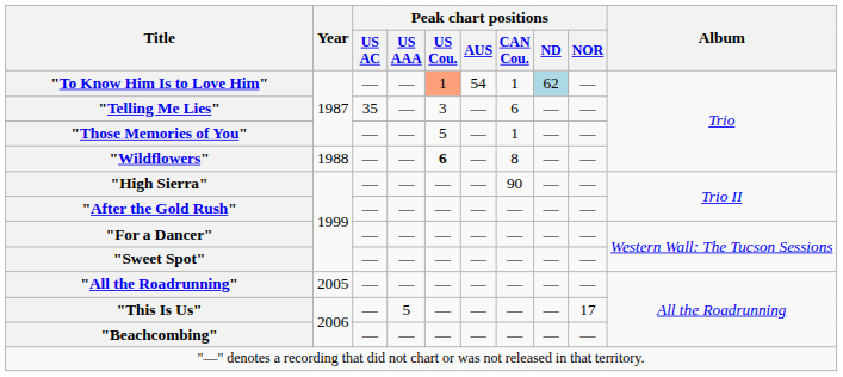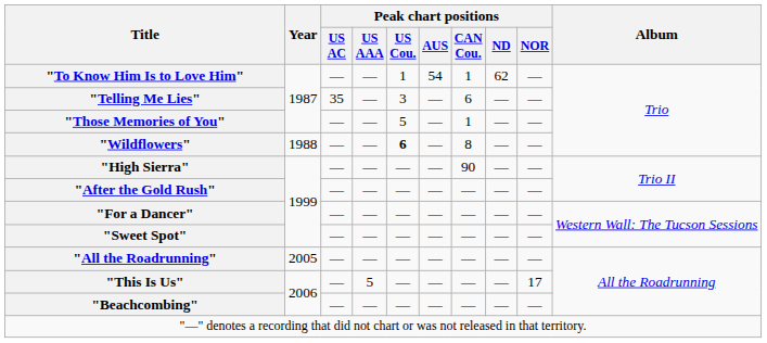 <table class="wikitable plainrowheaders" style="text-align:center;" border="1">
 <tr>
 <th scope="col" rowspan="2" style="width:19em;">Title</th>
 <th scope="col" rowspan="2">Year</th>
 <th scope="col" colspan="7">Peak chart positions</th>
 <th scope="col" rowspan="2">Album</th>
 </tr>
 <tr>
 <th scope="col" style="width:2em;font-size:90%;"><a href='#'>US<br>AC</a><br></th>
 <th scope="col" style="width:2em;font-size:90%;"><a href='#'>US<br>AAA</a><br></th>
 <th scope="col" style="width:2em;font-size:90%;"><a href='#'>US<br>Cou.</a><br></th>
 <th scope="col" style="width:2em;font-size:90%;"><a href='#'>AUS</a><br></th>
 <th scope="col" style="width:2em;font-size:90%;"><a href='#'>CAN<br>Cou.</a><br></th>
 <th scope="col" style="width:2em;font-size:90%;"><a href='#'>ND</a><br></th>
 <th scope="col" style="width:2em;font-size:90%;"><a href='#'>NOR</a><br></th>
 </tr>
 <tr>
 <th scope="row">"<a href='#'>To Know Him Is to Love Him</a>"<br></th>
 <td rowspan="3">1987</td>
 <td>—</td>
 <td>—</td>
-<td style="background: lightsalmon;">1</td>
+<td>1</td>
 <td>54</td>
 <td>1</td>
-<td style="background: lightblue;">62</td>
+<td>62</td>
 <td>—</td>
 <td rowspan="4"><em><a href='#'>Trio</a></em></td>
 </tr>
 <tr>
 <th scope="row">"<a href='#'>Telling Me Lies</a>"<br></th>
 <td>35</td>
 <td>—</td>
 <td>3</td>
 <td>—</td>
 <td>6</td>
 <td>—</td>
 <td>—</td>
 </tr>
 <tr>
 <th scope="row">"<a href='#'>Those Memories of You</a>"<br></th>
 <td>—</td>
 <td>—</td>
 <td>5</td>
 <td>—</td>
 <td>1</td>
 <td>—</td>
 <td>—</td>
 </tr>
 <tr>
 <th scope="row">"<a href='#'>Wildflowers</a>"<br></th>
 <td>1988</td>
 <td>—</td>
 <td>—</td>
 <td><strong>6</strong></td>
 <td>—</td>
 <td>8</td>
 <td>—</td>
 <td>—</td>
 </tr>
 <tr>
 <th scope="row">"High Sierra"<br></th>
 <td rowspan="4">1999</td>
 <td>—</td>
 <td>—</td>
 <td>—</td>
 <td>—</td>
 <td>90</td>
 <td>—</td>
 <td>—</td>
 <td rowspan="2"><em><a href='#'>Trio II</a></em></td>
 </tr>
 <tr>
 <th scope="row">"<a href='#'>After the Gold Rush</a>"<br></th>
 <td>—</td>
 <td>—</td>
 <td>—</td>
 <td>—</td>
 <td>—</td>
 <td>—</td>
 <td>—</td>
 </tr>
 <tr>
 <th scope="row">"For a Dancer"<br></th>
 <td>—</td>
 <td>—</td>
 <td>—</td>
 <td>—</td>
 <td>—</td>
 <td>—</td>
 <td>—</td>
 <td rowspan="2"><em><a href='#'>Western Wall: The Tucson Sessions</a></em></td>
 </tr>
 <tr>
 <th scope="row">"Sweet Spot"<br></th>
 <td>—</td>
 <td>—</td>
 <td>—</td>
 <td>—</td>
 <td>—</td>
 <td>—</td>
 <td>—</td>
 </tr>
 <tr>
 <th scope="row">"<a href='#'>All the Roadrunning</a>"<br></th>
 <td>2005</td>
 <td>—</td>
 <td>—</td>
 <td>—</td>
 <td>—</td>
 <td>—</td>
 <td>—</td>
 <td>—</td>
 <td rowspan="3"><em><a href='#'>All the Roadrunning</a></em></td>
 </tr>
 <tr>
 <th scope="row">"This Is Us"<br></th>
 <td rowspan="2">2006</td>
 <td>—</td>
 <td>5</td>
 <td>—</td>
 <td>—</td>
 <td>—</td>
 <td>—</td>
 <td>17</td>
 </tr>
 <tr>
 <th scope="row">"Beachcombing"<br></th>
 <td>—</td>
 <td>—</td>
 <td>—</td>
 <td>—</td>
 <td>—</td>
 <td>—</td>
 <td>—</td>
 </tr>
 <tr>
 <td colspan="11" style="font-size:90%">"—" denotes a recording that did not chart or was not released in that territory.</td>
 </tr>
 </table>
